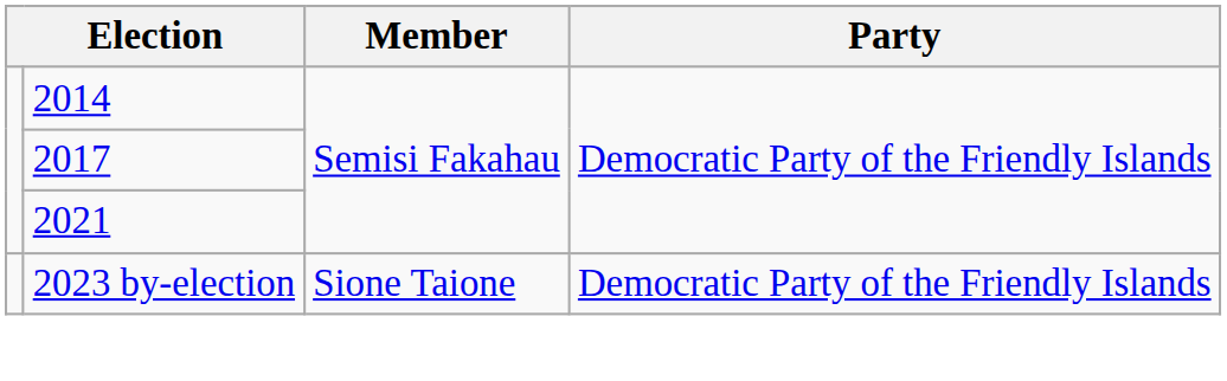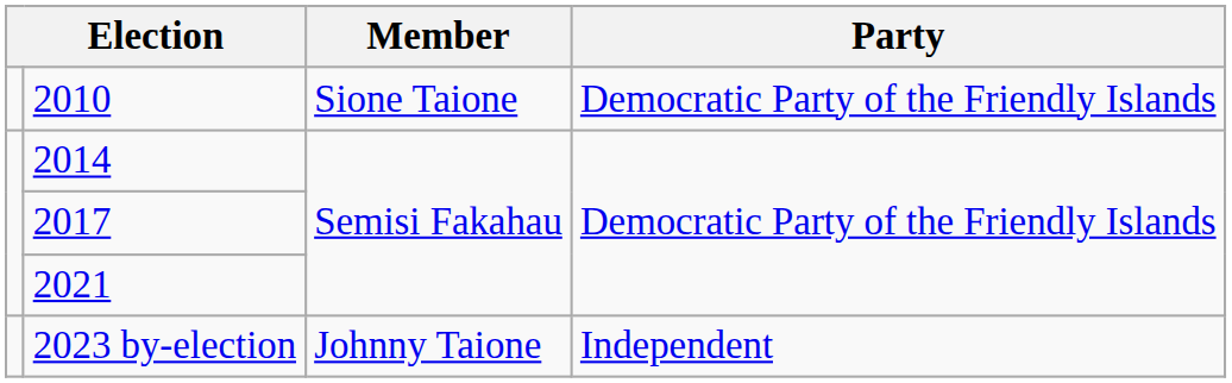 <table class="wikitable">
 <tr>
 <th colspan="2">Election</th>
 <th>Member</th>
 <th>Party</th>
+</tr>
+<tr>
+<td style="background-color: "></td>
+<td><a href='#'>2010</a></td>
+<td><a href='#'>Sione Taione</a></td>
+<td><a href='#'>Democratic Party of the Friendly Islands</a></td>
 </tr>
 <tr>
 <td rowspan="3" style="background-color: "></td>
 <td><a href='#'>2014</a></td>
 <td rowspan="3"><a href='#'>Semisi Fakahau</a></td>
 <td rowspan="3"><a href='#'>Democratic Party of the Friendly Islands</a></td>
 </tr>
 <tr>
 <td><a href='#'>2017</a></td>
 </tr>
 <tr>
 <td><a href='#'>2021</a></td>
 </tr>
 <tr>
 <td style="background-color: "></td>
 <td><a href='#'>2023 by-election</a></td>
-<td><a href='#'>Sione Taione</a></td>
-<td><a href='#'>Democratic Party of the Friendly Islands</a></td>
+<td><a href='#'>Johnny Taione</a></td>
+<td><a href='#'>Independent</a></td>
 </tr>
 </table>
